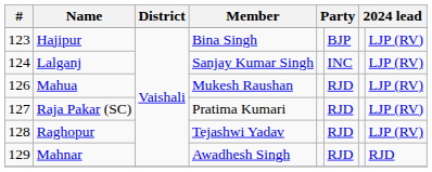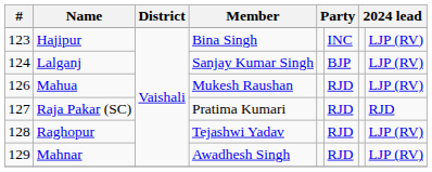 <table class="wikitable">
 <tr>
 <th>#</th>
 <th>Name</th>
 <th>District</th>
 <th>Member</th>
 <th colspan="2">Party</th>
 <th colspan="2">2024 lead</th>
 </tr>
 <tr>
 </tr>
 <tr>
 <td>123</td>
 <td><a href='#'>Hajipur</a></td>
 <td rowspan="6"><a href='#'>Vaishali</a></td>
 <td><a href='#'>Bina Singh</a></td>
 <td style="background-color: "></td>
-<td><a href='#'>BJP</a></td>
+<td><a href='#'>INC</a></td>
 <td style="background-color: "></td>
 <td><a href='#'>LJP (RV)</a></td>
 </tr>
 <tr>
 <td>124</td>
 <td><a href='#'>Lalganj</a></td>
 <td><a href='#'>Sanjay Kumar Singh</a></td>
 <td style="background-color: "></td>
-<td><a href='#'>INC</a></td>
+<td><a href='#'>BJP</a></td>
 <td style="background-color: "></td>
 <td><a href='#'>LJP (RV)</a></td>
 </tr>
 <tr>
 <td>126</td>
 <td><a href='#'>Mahua</a></td>
 <td><a href='#'>Mukesh Raushan</a></td>
 <td style="background-color: "></td>
 <td><a href='#'>RJD</a></td>
 <td style="background-color: "></td>
 <td><a href='#'>LJP (RV)</a></td>
 </tr>
 <tr>
 <td>127</td>
 <td><a href='#'>Raja Pakar</a> (SC)</td>
 <td>Pratima Kumari</td>
 <td style="background-color: "></td>
 <td><a href='#'>RJD</a></td>
 <td style="background-color: "></td>
-<td><a href='#'>LJP (RV)</a></td>
+<td><a href='#'>RJD</a></td>
 </tr>
 <tr>
 <td>128</td>
 <td><a href='#'>Raghopur</a></td>
 <td><a href='#'>Tejashwi Yadav</a></td>
 <td style="background-color: "></td>
 <td><a href='#'>RJD</a></td>
 <td style="background-color: "></td>
 <td><a href='#'>LJP (RV)</a></td>
 </tr>
 <tr>
 <td>129</td>
 <td><a href='#'>Mahnar</a></td>
 <td><a href='#'>Awadhesh Singh</a></td>
 <td style="background-color: "></td>
 <td><a href='#'>RJD</a></td>
 <td style="background-color: "></td>
-<td><a href='#'>RJD</a></td>
+<td><a href='#'>LJP (RV)</a></td>
 </tr>
 <tr>
 </tr>
 </table>
